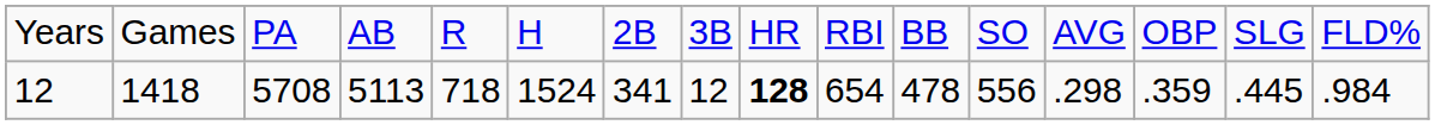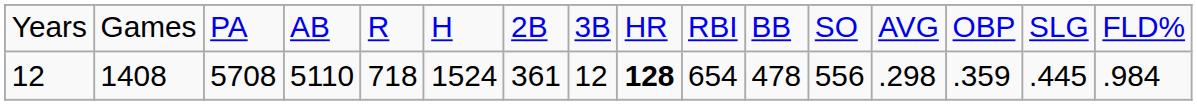 <table class="wikitable">
 <tr>
 <td>Years</td>
 <td>Games</td>
 <td><a href='#'>PA</a></td>
 <td><a href='#'>AB</a></td>
 <td><a href='#'>R</a></td>
 <td><a href='#'>H</a></td>
 <td><a href='#'>2B</a></td>
 <td><a href='#'>3B</a></td>
 <td><a href='#'>HR</a></td>
 <td><a href='#'>RBI</a></td>
 <td><a href='#'>BB</a></td>
 <td><a href='#'>SO</a></td>
 <td><a href='#'>AVG</a></td>
 <td><a href='#'>OBP</a></td>
 <td><a href='#'>SLG</a></td>
 <td><a href='#'>FLD%</a></td>
 </tr>
 <tr>
 <td>12</td>
-<td>1418</td>
+<td>1408</td>
 <td>5708</td>
-<td>5113</td>
+<td>5110</td>
 <td>718</td>
 <td>1524</td>
-<td>341</td>
+<td>361</td>
 <td>12</td>
 <td><strong>128</strong></td>
 <td>654</td>
 <td>478</td>
 <td>556</td>
 <td>.298</td>
 <td>.359</td>
 <td>.445</td>
 <td>.984</td>
 </tr>
 </table>
